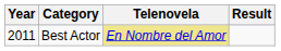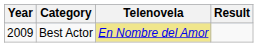 <table class="wikitable">
 <tr style="background:#b0c4de;">
 <th>Year</th>
 <th>Category</th>
 <th>Telenovela</th>
 <th>Result</th>
 </tr>
 <tr>
-<td>2011</td>
+<td>2009</td>
 <td>Best Actor</td>
 <td style="background: khaki;"><em><a href='#'>En Nombre del Amor</a></em></td>
 <td></td>
 </tr>
 </table>
